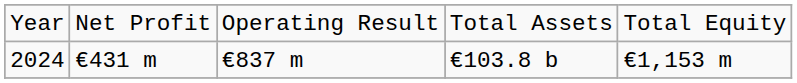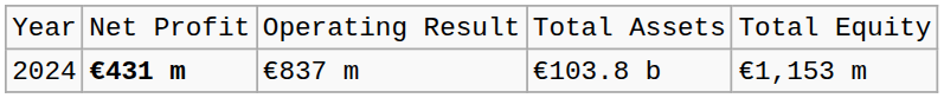 <table class="wikitable">
 <tr>
 <td>Year</td>
 <td>Net Profit</td>
 <td>Operating Result</td>
 <td>Total Assets</td>
 <td>Total Equity</td>
 </tr>
 <tr>
 <td>2024</td>
-<td>€431 m</td>
+<td><strong>€431 m</strong></td>
 <td>€837 m</td>
 <td>€103.8 b</td>
 <td>€1,153 m</td>
 </tr>
 </table>
